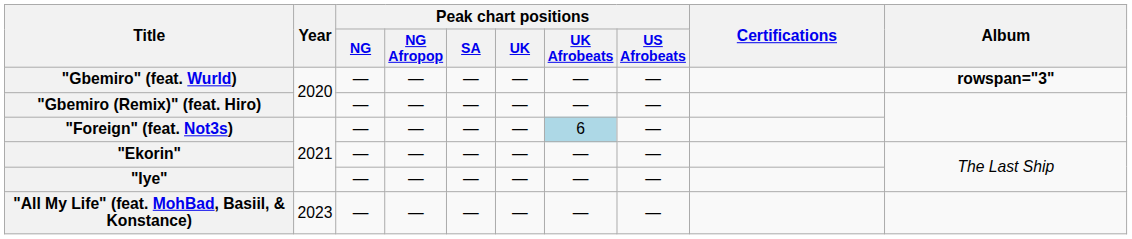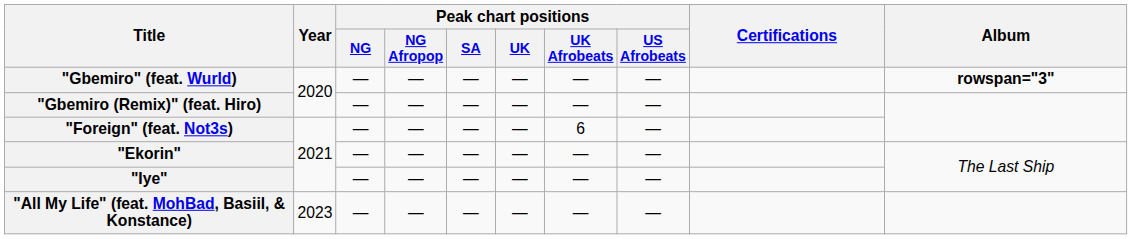 <table class="wikitable plainrowheaders" style="text-align:center;">
 <tr>
 <th scope="col" rowspan="2" style="width:18em;">Title</th>
 <th scope="col" rowspan="2" style="width:1em;">Year</th>
 <th scope="col" colspan="6">Peak chart positions</th>
 <th scope="col" rowspan="2" style="width:12em;"><a href='#'>Certifications</a></th>
 <th scope="col" rowspan="2" style="width:15em;">Album</th>
 </tr>
 <tr>
 <th scope="col" style="width:3em;font-size:90%;"><a href='#'>NG</a><br></th>
 <th scope="col" style="width:3em;font-size:90%;"><a href='#'>NG<br>Afropop</a></th>
 <th scope="col" style="width:3em;font-size:90%;"><a href='#'>SA</a><br></th>
 <th scope="col" style="width:3em;font-size:90%;"><a href='#'>UK</a><br></th>
 <th scope="col" style="width:3em;font-size:90%;"><a href='#'>UK<br>Afrobeats</a></th>
 <th scope="col" style="width:3em;font-size:90%;"><a href='#'>US<br>Afrobeats</a></th>
 </tr>
 <tr>
 <th scope="row">"Gbemiro" (feat. <a href='#'>Wurld</a>)</th>
 <td rowspan="2">2020</td>
 <td>—</td>
 <td>—</td>
 <td>—</td>
 <td>—</td>
 <td>—</td>
 <td>—</td>
 <td></td>
 <td><strong>rowspan="3" </strong></td>
 </tr>
 <tr>
 <th scope="row">"Gbemiro (Remix)" (feat. Hiro)</th>
 <td>—</td>
 <td>—</td>
 <td>—</td>
 <td>—</td>
 <td>—</td>
 <td>—</td>
 <td></td>
 </tr>
 <tr>
 <th scope="row">"Foreign" (feat. <a href='#'>Not3s</a>)</th>
 <td rowspan="3">2021</td>
 <td>—</td>
 <td>—</td>
 <td>—</td>
 <td>—</td>
-<td style="background: lightblue;">6</td>
+<td>6</td>
 <td>—</td>
 <td></td>
 </tr>
 <tr>
 <th scope="row">"Ekorin"</th>
 <td>—</td>
 <td>—</td>
 <td>—</td>
 <td>—</td>
 <td>—</td>
 <td>—</td>
 <td></td>
 <td rowspan="2"><em>The Last Ship</em></td>
 </tr>
 <tr>
 <th scope="row">"Iye"</th>
 <td>—</td>
 <td>—</td>
 <td>—</td>
 <td>—</td>
 <td>—</td>
 <td>—</td>
 <td></td>
 </tr>
 <tr>
 <th scope="row">"All My Life" (feat. <a href='#'>MohBad</a>, Basiil, & Konstance)</th>
 <td>2023</td>
 <td>—</td>
 <td>—</td>
 <td>—</td>
 <td>—</td>
 <td>—</td>
 <td>—</td>
 <td></td>
 <td></td>
 </tr>
 </table>
